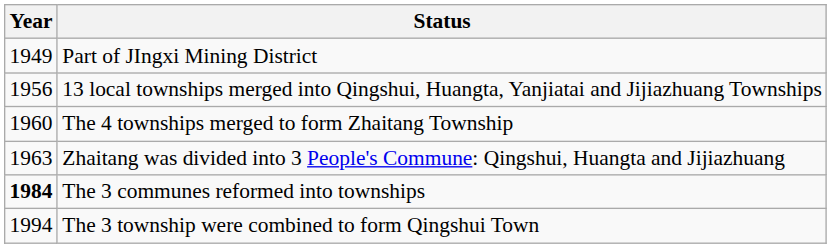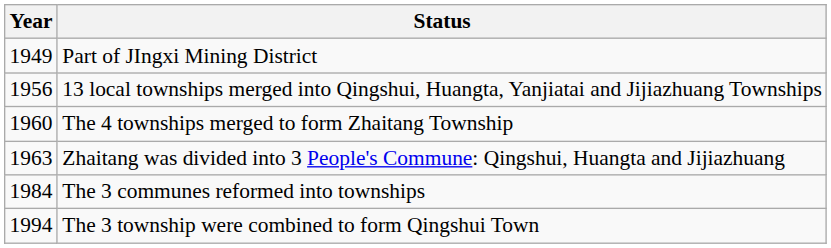 <table class="wikitable">
 <tr>
 <th>Year</th>
 <th>Status</th>
 </tr>
 <tr>
 <td>1949</td>
 <td>Part of JIngxi Mining District</td>
 </tr>
 <tr>
 <td>1956</td>
 <td>13 local townships merged into Qingshui, Huangta, Yanjiatai and Jijiazhuang Townships</td>
 </tr>
 <tr>
 <td>1960</td>
 <td>The 4 townships merged to form Zhaitang Township</td>
 </tr>
 <tr>
 <td>1963</td>
 <td>Zhaitang was divided into 3 <a href='#'>People's Commune</a>: Qingshui, Huangta and Jijiazhuang</td>
 </tr>
 <tr>
-<td><strong>1984</strong></td>
+<td>1984</td>
 <td>The 3 communes reformed into townships</td>
 </tr>
 <tr>
 <td>1994</td>
 <td>The 3 township were combined to form Qingshui Town</td>
 </tr>
 </table>
